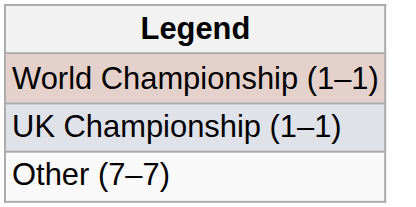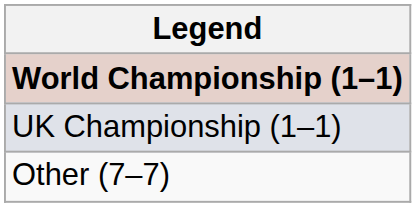 <table class="wikitable">
 <tr>
 <th>Legend</th>
 </tr>
 <tr bgcolor="#e5d1cb">
-<td>World Championship (1–1)</td>
+<td><strong>World Championship (1–1)</strong></td>
 </tr>
 <tr bgcolor="dfe2e9">
 <td>UK Championship (1–1)</td>
 </tr>
 <tr bgcolor=>
 <td>Other (7–7)</td>
 </tr>
 </table>
